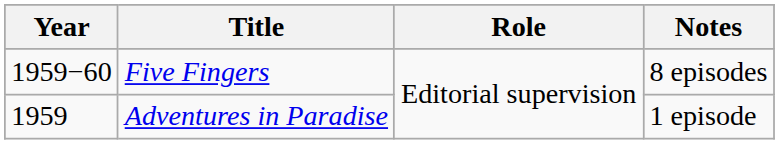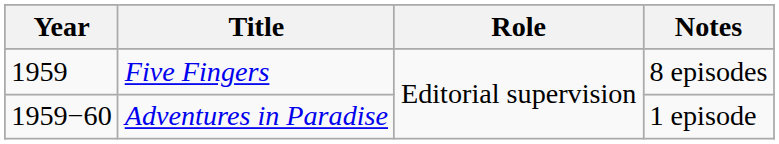 <table class="wikitable">
 <tr>
 <th>Year</th>
 <th>Title</th>
 <th>Role</th>
 <th>Notes</th>
 </tr>
 <tr>
-<td>1959−60</td>
+<td>1959</td>
 <td><em><a href='#'>Five Fingers</a></em></td>
 <td rowspan=2>Editorial supervision</td>
 <td>8 episodes</td>
 </tr>
 <tr>
-<td>1959</td>
+<td>1959−60</td>
 <td><em><a href='#'>Adventures in Paradise</a></em></td>
 <td>1 episode</td>
 </tr>
 </table>
